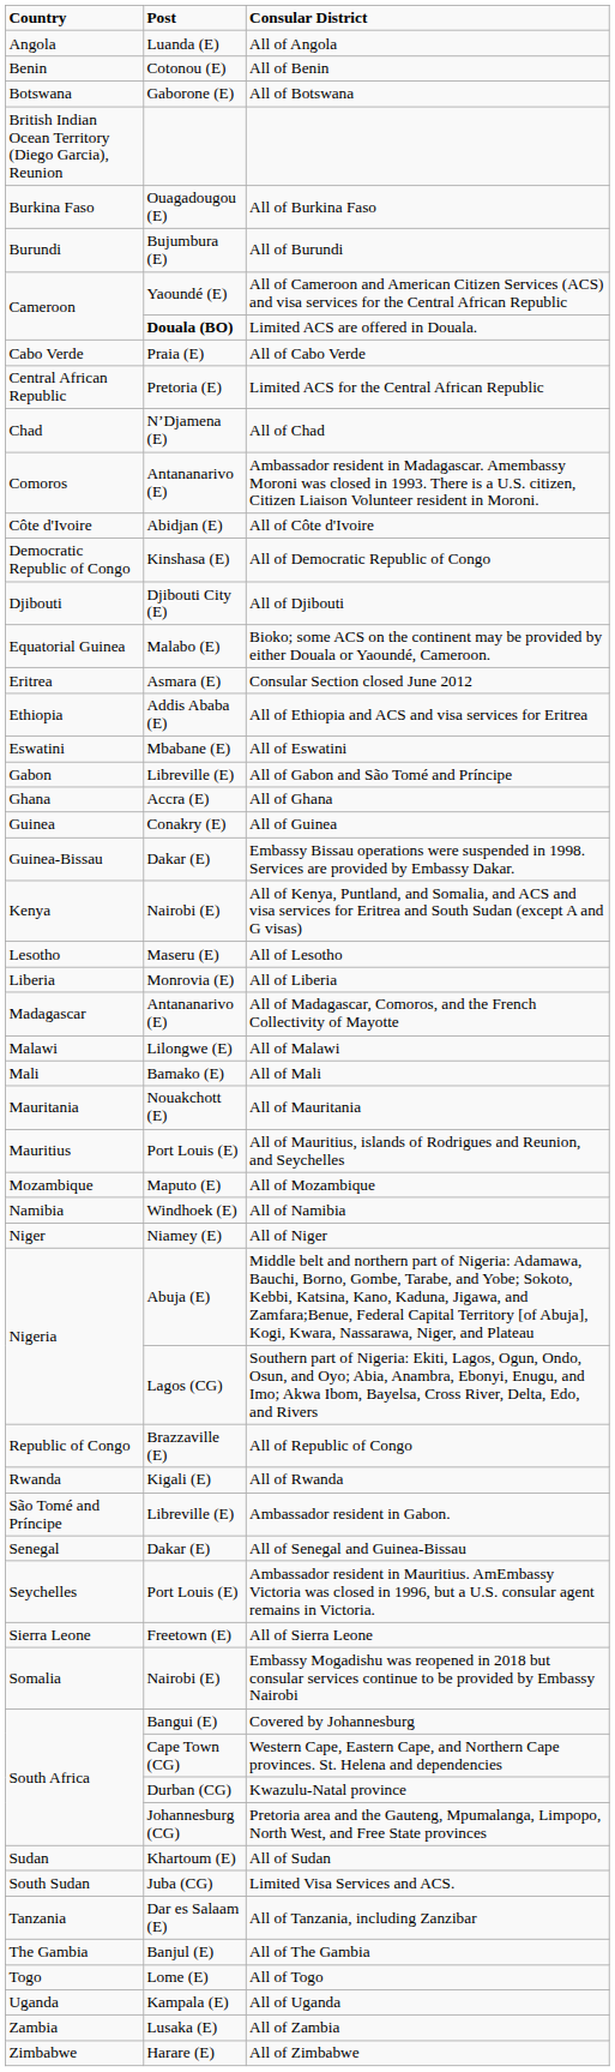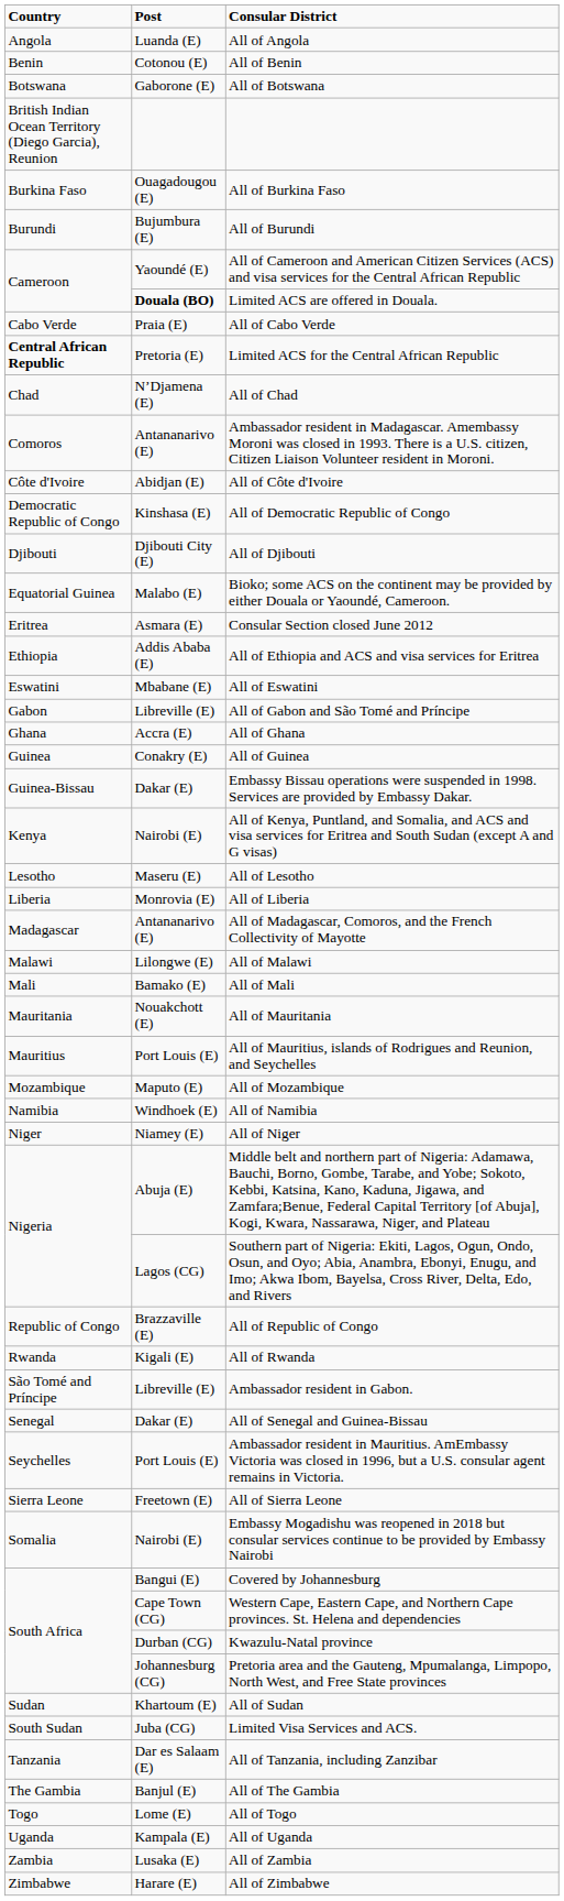 <table class="wikitable">
 <tr>
 <td><strong> Country</strong></td>
 <td><strong>  Post</strong></td>
 <td><strong>Consular District</strong></td>
 </tr>
 <tr>
 <td>Angola</td>
 <td>Luanda (E)</td>
 <td>All of Angola</td>
 </tr>
 <tr>
 <td>Benin</td>
 <td>Cotonou (E)</td>
 <td>All of Benin</td>
 </tr>
 <tr>
 <td>Botswana</td>
 <td>Gaborone (E)</td>
 <td>All of Botswana</td>
 </tr>
 <tr>
 <td>British Indian Ocean Territory (Diego Garcia), Reunion</td>
 <td></td>
 <td></td>
 </tr>
 <tr>
 <td>Burkina Faso</td>
 <td>Ouagadougou (E)</td>
 <td>All of Burkina Faso</td>
 </tr>
 <tr>
 <td>Burundi</td>
 <td>Bujumbura (E)</td>
 <td>All of Burundi</td>
 </tr>
 <tr>
 <td rowspan="2">Cameroon</td>
 <td>Yaoundé (E)</td>
 <td>All of Cameroon and American Citizen Services (ACS) and visa services for the Central African Republic</td>
 </tr>
 <tr>
 <td><strong>Douala (BO)</strong></td>
 <td>Limited ACS are offered in Douala.</td>
 </tr>
 <tr>
 <td>Cabo Verde</td>
 <td>Praia (E)</td>
 <td>All of Cabo Verde</td>
 </tr>
 <tr>
-<td>Central African Republic</td>
+<td><strong>Central African Republic</strong></td>
 <td>Pretoria (E)</td>
 <td>Limited ACS for the Central African Republic</td>
 </tr>
 <tr>
 <td>Chad</td>
 <td>N’Djamena (E)</td>
 <td>All of Chad</td>
 </tr>
 <tr>
 <td>Comoros</td>
 <td>Antananarivo (E)</td>
 <td>Ambassador resident in Madagascar. Amembassy Moroni was closed in 1993. There is a U.S. citizen, Citizen Liaison Volunteer resident in Moroni.</td>
 </tr>
 <tr>
 <td>Côte d'Ivoire</td>
 <td>Abidjan (E)</td>
 <td>All of Côte d'Ivoire</td>
 </tr>
 <tr>
 <td>Democratic Republic of Congo</td>
 <td>Kinshasa (E)</td>
 <td>All of Democratic Republic of Congo</td>
 </tr>
 <tr>
 <td>Djibouti</td>
 <td>Djibouti City (E)</td>
 <td>All of Djibouti</td>
 </tr>
 <tr>
 <td>Equatorial Guinea</td>
 <td>Malabo (E)</td>
 <td>Bioko; some ACS on the continent may be provided by either Douala or Yaoundé, Cameroon.</td>
 </tr>
 <tr>
 <td>Eritrea</td>
 <td>Asmara (E)</td>
 <td>Consular Section closed June 2012</td>
 </tr>
 <tr>
 <td>Ethiopia</td>
 <td>Addis Ababa (E)</td>
 <td>All of Ethiopia and ACS and visa services for Eritrea</td>
 </tr>
 <tr>
 <td>Eswatini</td>
 <td>Mbabane (E)</td>
 <td>All of Eswatini</td>
 </tr>
 <tr>
 <td>Gabon</td>
 <td>Libreville (E)</td>
 <td>All of Gabon and São Tomé and Príncipe</td>
 </tr>
 <tr>
 <td>Ghana</td>
 <td>Accra (E)</td>
 <td>All of Ghana</td>
 </tr>
 <tr>
 <td>Guinea</td>
 <td>Conakry (E)</td>
 <td>All of Guinea</td>
 </tr>
 <tr>
 <td>Guinea-Bissau</td>
 <td>Dakar (E)</td>
 <td>Embassy Bissau operations were suspended in 1998. Services are provided by Embassy Dakar.</td>
 </tr>
 <tr>
 <td>Kenya</td>
 <td>Nairobi (E)</td>
 <td>All of Kenya, Puntland, and Somalia, and ACS and visa services for Eritrea and South Sudan (except A and G visas)</td>
 </tr>
 <tr>
 <td>Lesotho</td>
 <td>Maseru (E)</td>
 <td>All of Lesotho</td>
 </tr>
 <tr>
 <td>Liberia</td>
 <td>Monrovia (E)</td>
 <td>All of Liberia</td>
 </tr>
 <tr>
 <td>Madagascar</td>
 <td>Antananarivo (E)</td>
 <td>All of Madagascar, Comoros, and the French Collectivity of Mayotte</td>
 </tr>
 <tr>
 <td>Malawi</td>
 <td>Lilongwe (E)</td>
 <td>All of Malawi</td>
 </tr>
 <tr>
 <td>Mali</td>
 <td>Bamako (E)</td>
 <td>All of Mali</td>
 </tr>
 <tr>
 <td>Mauritania</td>
 <td>Nouakchott (E)</td>
 <td>All of Mauritania</td>
 </tr>
 <tr>
 <td>Mauritius</td>
 <td>Port Louis (E)</td>
 <td>All of Mauritius, islands of Rodrigues and Reunion, and Seychelles</td>
 </tr>
 <tr>
 <td>Mozambique</td>
 <td>Maputo (E)</td>
 <td>All of Mozambique</td>
 </tr>
 <tr>
 <td>Namibia</td>
 <td>Windhoek (E)</td>
 <td>All of Namibia</td>
 </tr>
 <tr>
 <td>Niger</td>
 <td>Niamey (E)</td>
 <td>All of Niger</td>
 </tr>
 <tr>
 <td rowspan="2">Nigeria</td>
 <td>Abuja (E)</td>
 <td>Middle belt and northern part of Nigeria: Adamawa, Bauchi, Borno, Gombe, Tarabe, and Yobe; Sokoto, Kebbi, Katsina, Kano, Kaduna, Jigawa, and Zamfara;Benue, Federal Capital Territory [of Abuja], Kogi, Kwara, Nassarawa, Niger, and Plateau</td>
 </tr>
 <tr>
 <td>Lagos (CG)</td>
 <td>Southern part of Nigeria: Ekiti, Lagos, Ogun, Ondo, Osun, and Oyo; Abia, Anambra, Ebonyi, Enugu, and Imo; Akwa Ibom, Bayelsa, Cross River, Delta, Edo, and Rivers</td>
 </tr>
 <tr>
 <td>Republic of Congo</td>
 <td>Brazzaville (E)</td>
 <td>All of Republic of Congo</td>
 </tr>
 <tr>
 <td>Rwanda</td>
 <td>Kigali (E)</td>
 <td>All of Rwanda</td>
 </tr>
 <tr>
 <td>São Tomé and Príncipe</td>
 <td>Libreville (E)</td>
 <td>Ambassador resident in Gabon.</td>
 </tr>
 <tr>
 <td>Senegal</td>
 <td>Dakar (E)</td>
 <td>All of Senegal and Guinea-Bissau</td>
 </tr>
 <tr>
 <td>Seychelles</td>
 <td>Port Louis (E)</td>
 <td>Ambassador resident in Mauritius. AmEmbassy Victoria was closed in 1996, but a U.S. consular agent remains in Victoria.</td>
 </tr>
 <tr>
 <td>Sierra Leone</td>
 <td>Freetown (E)</td>
 <td>All of Sierra Leone</td>
 </tr>
 <tr>
 <td>Somalia</td>
 <td>Nairobi (E)</td>
 <td>Embassy Mogadishu was reopened in 2018 but consular services continue to be provided by Embassy Nairobi</td>
 </tr>
 <tr>
 <td rowspan="4">South Africa</td>
 <td>Bangui (E)</td>
 <td>Covered by Johannesburg</td>
 </tr>
 <tr>
 <td>Cape Town (CG)</td>
 <td>Western Cape, Eastern Cape, and Northern Cape provinces. St. Helena and dependencies</td>
 </tr>
 <tr>
 <td>Durban (CG)</td>
 <td>Kwazulu-Natal province</td>
 </tr>
 <tr>
 <td>Johannesburg (CG)</td>
 <td>Pretoria area and the Gauteng, Mpumalanga, Limpopo, North West, and Free State provinces</td>
 </tr>
 <tr>
 <td>Sudan</td>
 <td>Khartoum (E)</td>
 <td>All of Sudan</td>
 </tr>
 <tr>
 <td>South Sudan</td>
 <td>Juba (CG)</td>
 <td>Limited Visa Services and ACS.</td>
 </tr>
 <tr>
 <td>Tanzania</td>
 <td>Dar es Salaam (E)</td>
 <td>All of Tanzania, including Zanzibar</td>
 </tr>
 <tr>
 <td>The Gambia</td>
 <td>Banjul (E)</td>
 <td>All of The Gambia</td>
 </tr>
 <tr>
 <td>Togo</td>
 <td>Lome (E)</td>
 <td>All of Togo</td>
 </tr>
 <tr>
 <td>Uganda</td>
 <td>Kampala (E)</td>
 <td>All of Uganda</td>
 </tr>
 <tr>
 <td>Zambia</td>
 <td>Lusaka (E)</td>
 <td>All of Zambia</td>
 </tr>
 <tr>
 <td>Zimbabwe</td>
 <td>Harare (E)</td>
 <td>All of Zimbabwe</td>
 </tr>
 </table>
